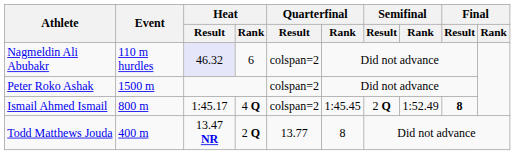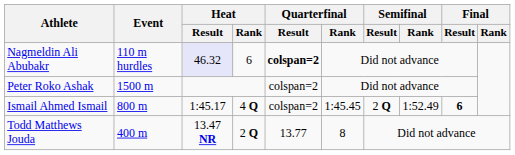 <table class=wikitable style="font-size:90%">
 <tr>
 <th rowspan="2">Athlete</th>
 <th rowspan="2">Event</th>
 <th colspan="2">Heat</th>
 <th colspan="2">Quarterfinal</th>
 <th colspan="2">Semifinal</th>
 <th colspan="2">Final</th>
 </tr>
 <tr style="font-size:95%">
 <th>Result</th>
 <th>Rank</th>
 <th>Result</th>
 <th>Rank</th>
 <th>Result</th>
 <th>Rank</th>
 <th>Result</th>
 <th>Rank</th>
 </tr>
 <tr align=center>
 <td align=left><a href='#'>Nagmeldin Ali Abubakr</a></td>
 <td align=left><a href='#'>110 m hurdles</a></td>
 <td style="background: lavender;">46.32</td>
 <td>6</td>
-<td>colspan=2 </td>
+<td><strong>colspan=2 </strong></td>
 <td colspan=4>Did not advance</td>
 </tr>
 <tr align=center>
 <td align=left><a href='#'>Peter Roko Ashak</a></td>
 <td align=left><a href='#'>1500 m</a></td>
 <td colspan=2></td>
 <td>colspan=2 </td>
 <td colspan=4>Did not advance</td>
 </tr>
 <tr align=center>
 <td align=left><a href='#'>Ismail Ahmed Ismail</a></td>
 <td align=left><a href='#'>800 m</a></td>
 <td>1:45.17</td>
 <td>4 <strong>Q</strong></td>
 <td>colspan=2 </td>
 <td>1:45.45</td>
 <td>2 <strong>Q</strong></td>
 <td>1:52.49</td>
-<td><strong>8</strong></td>
+<td><strong>6</strong></td>
 </tr>
 <tr align=center>
 <td align=left><a href='#'>Todd Matthews Jouda</a></td>
 <td align=left><a href='#'>400 m</a></td>
 <td>13.47 <strong><a href='#'>NR</a></strong></td>
 <td>2 <strong>Q</strong></td>
 <td>13.77</td>
 <td>8</td>
 <td colspan=4>Did not advance</td>
 </tr>
 </table>
